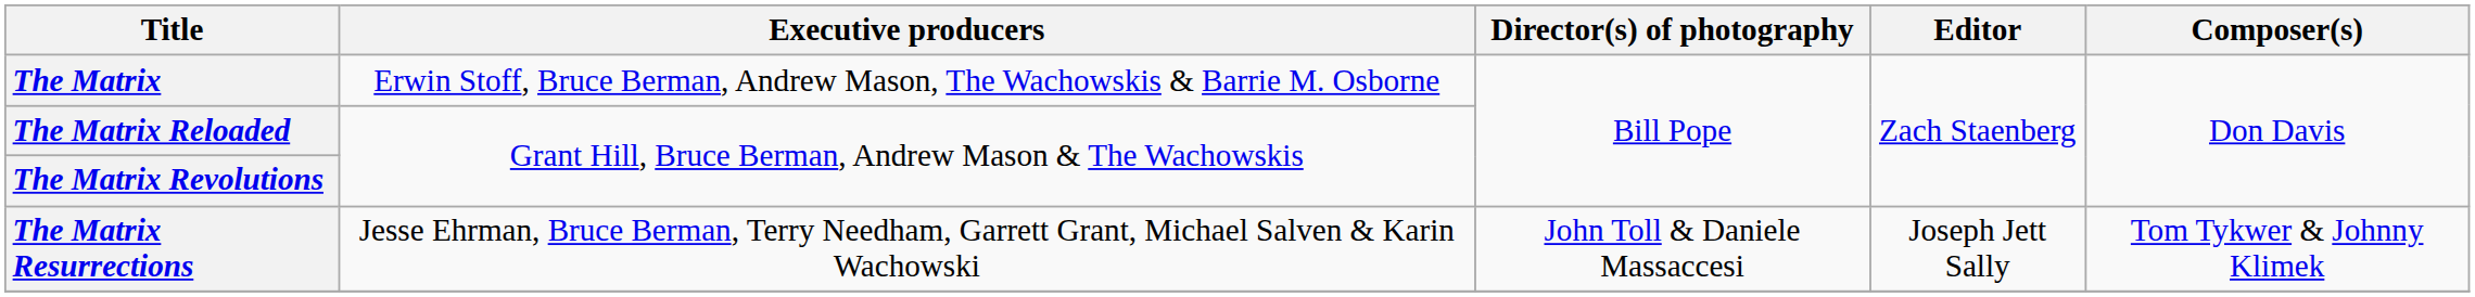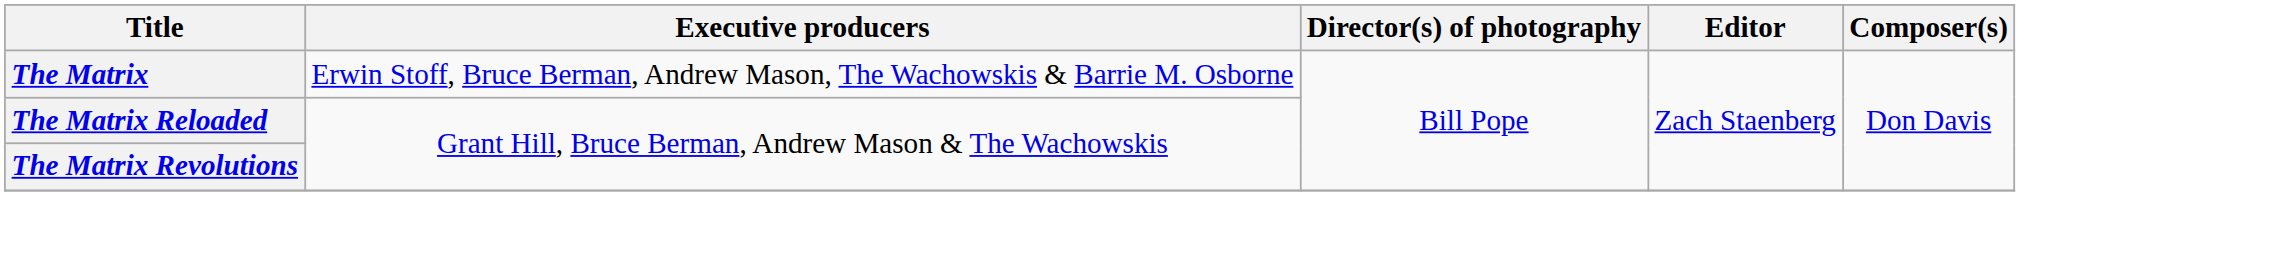 <table class="wikitable plainrowheaders" style="text-align:center;">
 <tr>
 <th>Title</th>
 <th>Executive producers</th>
 <th>Director(s) of photography</th>
 <th>Editor</th>
 <th>Composer(s)</th>
 </tr>
 <tr>
 <th scope="row" style="text-align:left"><em><a href='#'>The Matrix</a></em></th>
 <td><a href='#'>Erwin Stoff</a>, <a href='#'>Bruce Berman</a>, Andrew Mason, <a href='#'>The Wachowskis</a> & <a href='#'>Barrie M. Osborne</a></td>
 <td rowspan="3"><a href='#'>Bill Pope</a></td>
 <td rowspan="3"><a href='#'>Zach Staenberg</a></td>
 <td rowspan="3"><a href='#'>Don Davis</a></td>
 </tr>
 <tr>
 <th scope="row" style="text-align:left"><em><a href='#'>The Matrix Reloaded</a></em></th>
 <td rowspan="2"><a href='#'>Grant Hill</a>, <a href='#'>Bruce Berman</a>, Andrew Mason & <a href='#'>The Wachowskis</a></td>
 </tr>
 <tr>
 <th scope="row" style="text-align:left"><em><a href='#'>The Matrix Revolutions</a></em></th>
 </tr>
 <tr>
-<th scope="row" style="text-align:left"><em><a href='#'>The Matrix Resurrections</a></em></th>
-<td>Jesse Ehrman, <a href='#'>Bruce Berman</a>, Terry Needham, Garrett Grant, Michael Salven & Karin Wachowski</td>
-<td><a href='#'>John Toll</a> & Daniele Massaccesi</td>
-<td>Joseph Jett Sally</td>
-<td><a href='#'>Tom Tykwer</a> & <a href='#'>Johnny Klimek</a></td>
-</tr>
-<tr>
 </tr>
 </table>
